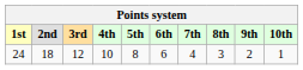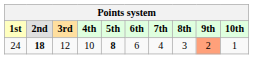 <table class="wikitable" style="font-size:85%; text-align:center">
 <tr>
 <th colspan="19">Points system</th>
 </tr>
 <tr>
 <td style="background:#ffffbf;"> <strong>1st</strong> </td>
 <td style="background:#dfdfdf;"> <strong>2nd</strong> </td>
 <td style="background:#ffdf9f;"> <strong>3rd</strong> </td>
 <td style="background:#dfffdf;"> <strong>4th</strong> </td>
 <td style="background:#dfffdf;"> <strong>5th</strong> </td>
 <td style="background:#dfffdf;"> <strong>6th</strong> </td>
 <td style="background:#dfffdf;"> <strong>7th</strong> </td>
 <td style="background:#dfffdf;"> <strong>8th</strong> </td>
 <td style="background:#dfffdf;"> <strong>9th</strong> </td>
 <td style="background:#dfffdf;"> <strong>10th</strong> </td>
 </tr>
 <tr>
 <td>24</td>
-<td>18</td>
+<td><strong>18</strong></td>
 <td>12</td>
 <td>10</td>
-<td>8</td>
+<td><strong>8</strong></td>
 <td>6</td>
 <td>4</td>
 <td>3</td>
-<td>2</td>
+<td style="background: lightsalmon;">2</td>
 <td>1</td>
 </tr>
 </table>
